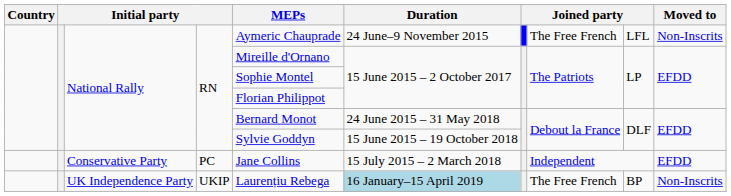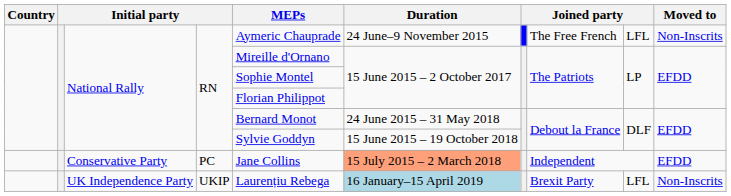 <table class="wikitable">
 <tr>
 <th>Country</th>
 <th colspan="3">Initial party</th>
 <th><a href='#'>MEPs</a></th>
 <th>Duration</th>
 <th colspan="3">Joined party</th>
 <th>Moved to</th>
 </tr>
 <tr>
 <td rowspan="6"></td>
 <th rowspan="6" style="background:"></th>
 <td rowspan="6"><a href='#'>National Rally</a></td>
 <td rowspan="6">RN</td>
 <td><a href='#'>Aymeric Chauprade</a></td>
 <td>24 June–9 November 2015</td>
 <th style="background:blue"></th>
 <td>The Free French</td>
 <td>LFL</td>
 <td><a href='#'>Non-Inscrits</a></td>
 </tr>
 <tr>
 <td><a href='#'>Mireille d'Ornano</a></td>
 <td rowspan="3">15 June 2015 – 2 October 2017</td>
 <th rowspan="3" style="background:"></th>
 <td rowspan="3"><a href='#'>The Patriots</a></td>
 <td rowspan="3">LP</td>
 <td rowspan="3"><a href='#'>EFDD</a></td>
 </tr>
 <tr>
 <td><a href='#'>Sophie Montel</a></td>
 </tr>
 <tr>
 <td><a href='#'>Florian Philippot</a></td>
 </tr>
 <tr>
 <td><a href='#'>Bernard Monot</a></td>
 <td>24 June 2015 – 31 May 2018</td>
 <th rowspan="2" style="background:"></th>
 <td rowspan="2"><a href='#'>Debout la France</a></td>
 <td rowspan="2">DLF</td>
 <td rowspan="2"><a href='#'>EFDD</a></td>
 </tr>
 <tr>
 <td><a href='#'>Sylvie Goddyn</a></td>
 <td>15 June 2015 – 19 October 2018</td>
 </tr>
 <tr>
 <td></td>
 <th style="background:"></th>
 <td><a href='#'>Conservative Party</a></td>
 <td>PC</td>
 <td><a href='#'>Jane Collins</a></td>
-<td>15 July 2015 – 2 March 2018</td>
+<td style="background: lightsalmon;">15 July 2015 – 2 March 2018</td>
 <th style="background:"></th>
 <td colspan="2"><a href='#'>Independent</a></td>
 <td><a href='#'>EFDD</a></td>
 </tr>
 <tr>
 <td></td>
 <th style="background:"></th>
 <td><a href='#'>UK Independence Party</a></td>
 <td>UKIP</td>
 <td><a href='#'>Laurențiu Rebega</a></td>
 <td style="background: lightblue;">16 January–15 April 2019</td>
 <th style="background:"></th>
-<td>The Free French</td>
-<td>BP</td>
+<td><a href='#'>Brexit Party</a></td>
+<td>LFL</td>
 <td><a href='#'>Non-Inscrits</a></td>
 </tr>
 </table>
